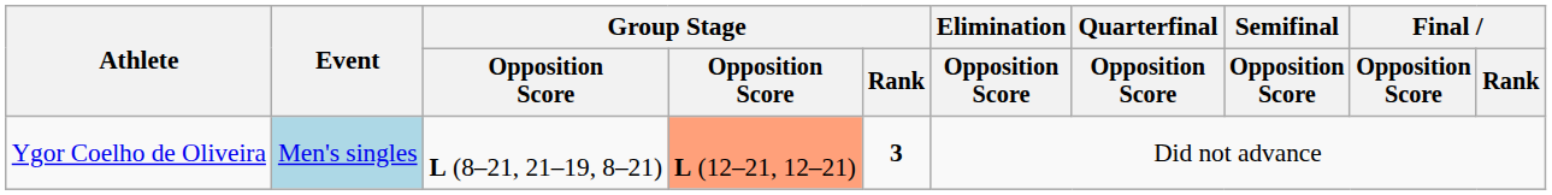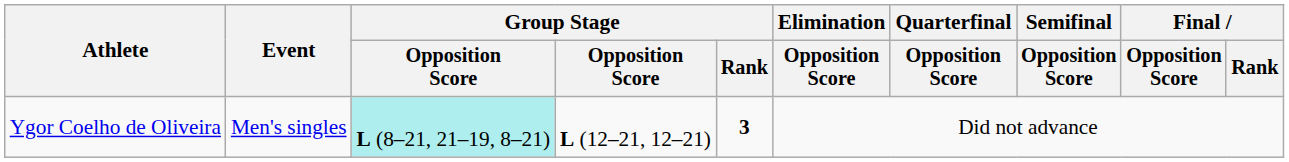 <table class="wikitable" style="font-size:90%">
 <tr>
 <th rowspan=2>Athlete</th>
 <th rowspan=2>Event</th>
 <th colspan=3>Group Stage</th>
 <th>Elimination</th>
 <th>Quarterfinal</th>
 <th>Semifinal</th>
 <th colspan=2>Final / </th>
 </tr>
 <tr style="font-size:95%">
 <th>Opposition<br>Score</th>
 <th>Opposition<br>Score</th>
 <th>Rank</th>
 <th>Opposition<br>Score</th>
 <th>Opposition<br>Score</th>
 <th>Opposition<br>Score</th>
 <th>Opposition<br>Score</th>
 <th>Rank</th>
 </tr>
 <tr align=center>
 <td align=left><a href='#'>Ygor Coelho de Oliveira</a></td>
-<td align=left style="background: lightblue;"><a href='#'>Men's singles</a></td>
-<td><br><strong>L</strong> (8–21, 21–19, 8–21)</td>
-<td style="background: lightsalmon;"><br><strong>L</strong> (12–21, 12–21)</td>
+<td align=left><a href='#'>Men's singles</a></td>
+<td style="background: paleturquoise;"><br><strong>L</strong> (8–21, 21–19, 8–21)</td>
+<td><br><strong>L</strong> (12–21, 12–21)</td>
 <td><strong>3</strong></td>
 <td colspan=5>Did not advance</td>
 </tr>
 </table>
